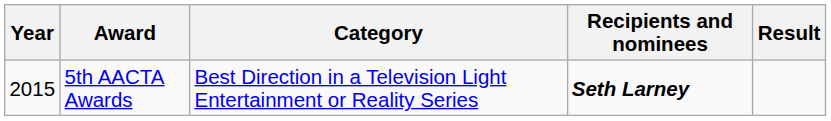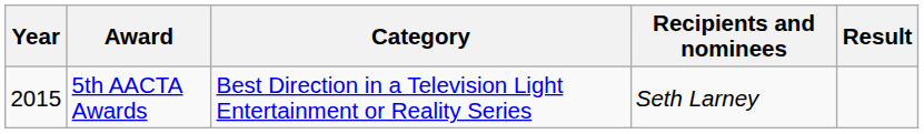 <table class="wikitable plainrowheaders" style="font-size: 95%;">
 <tr>
 <th scope="col">Year</th>
 <th scope="col">Award</th>
 <th scope="col">Category</th>
 <th scope="col">Recipients and nominees</th>
 <th scope="col">Result</th>
 </tr>
 <tr>
 <td rowspan="5">2015</td>
 <td rowspan="2"><a href='#'>5th AACTA Awards</a></td>
 <td><a href='#'>Best Direction in a Television Light Entertainment or Reality Series</a></td>
-<td><strong><em>Seth Larney</em></strong></td>
+<td><em>Seth Larney</em></td>
 <td></td>
 </tr>
 </table>
